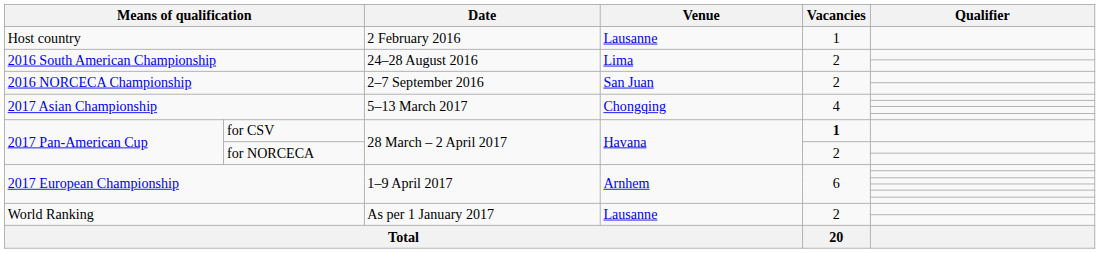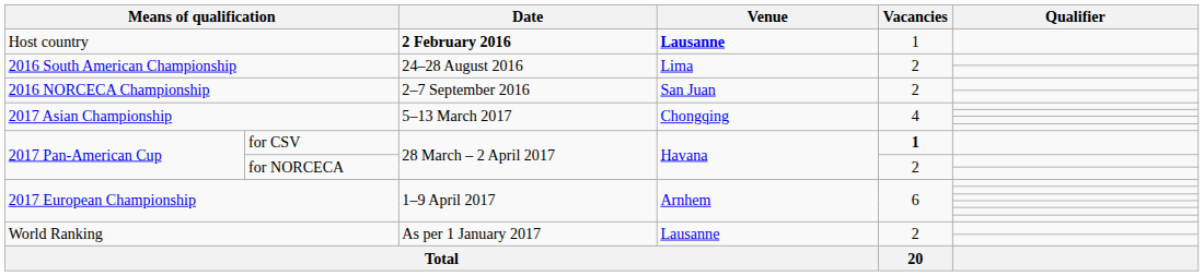 <table class="wikitable">
 <tr>
 <th width=32% colspan="2">Means of qualification</th>
 <th width=21%>Date</th>
 <th width=18%>Venue</th>
 <th width=6%>Vacancies</th>
 <th width=20%>Qualifier</th>
 </tr>
 <tr>
 <td colspan="2">Host country</td>
-<td>2 February 2016</td>
-<td> <a href='#'>Lausanne</a></td>
+<td><strong>2 February 2016</strong></td>
+<td><strong> <a href='#'>Lausanne</a></strong></td>
 <td align="center">1</td>
 <td></td>
 </tr>
 <tr>
 <td colspan="2" rowspan="2"><a href='#'>2016 South American Championship</a></td>
 <td rowspan="2">24–28 August 2016</td>
 <td rowspan="2"> <a href='#'>Lima</a></td>
 <td rowspan="2" align="center">2</td>
 <td></td>
 </tr>
 <tr>
 <td></td>
 </tr>
 <tr>
 <td colspan="2" rowspan="2"><a href='#'>2016 NORCECA Championship</a></td>
 <td rowspan="2">2–7 September 2016</td>
 <td rowspan="2"> <a href='#'>San Juan</a></td>
 <td rowspan="2" align="center">2</td>
 <td></td>
 </tr>
 <tr>
 <td></td>
 </tr>
 <tr>
 <td colspan="2" rowspan="4"><a href='#'>2017 Asian Championship</a></td>
 <td rowspan="4">5–13 March 2017</td>
 <td rowspan="4"> <a href='#'>Chongqing</a></td>
 <td rowspan="4" align="center">4</td>
 <td></td>
 </tr>
 <tr>
 <td></td>
 </tr>
 <tr>
 <td></td>
 </tr>
 <tr>
 <td></td>
 </tr>
 <tr>
 <td rowspan="3"><a href='#'>2017 Pan-American Cup</a></td>
 <td>for CSV</td>
 <td rowspan="3">28 March – 2 April 2017</td>
 <td rowspan="3"> <a href='#'>Havana</a></td>
 <td align="center"><strong>1</strong></td>
 <td></td>
 </tr>
 <tr>
 <td rowspan="2">for NORCECA</td>
 <td rowspan="2" align="center">2</td>
 <td></td>
 </tr>
 <tr>
 <td></td>
 </tr>
 <tr>
 <td colspan="2" rowspan="6"><a href='#'>2017 European Championship</a></td>
 <td rowspan="6">1–9 April 2017</td>
 <td rowspan="6"> <a href='#'>Arnhem</a></td>
 <td rowspan="6" align="center">6</td>
 <td></td>
 </tr>
 <tr>
 <td></td>
 </tr>
 <tr>
 <td></td>
 </tr>
 <tr>
 <td></td>
 </tr>
 <tr>
 <td></td>
 </tr>
 <tr>
 <td></td>
 </tr>
 <tr>
 <td colspan="2" rowspan="2">World Ranking</td>
 <td rowspan="2">As per 1 January 2017</td>
 <td rowspan="2"> <a href='#'>Lausanne</a></td>
 <td rowspan="2" align="center">2</td>
 <td></td>
 </tr>
 <tr>
 <td></td>
 </tr>
 <tr>
 <th colspan="4">Total</th>
 <th align="center">20</th>
 <th></th>
 </tr>
 </table>
